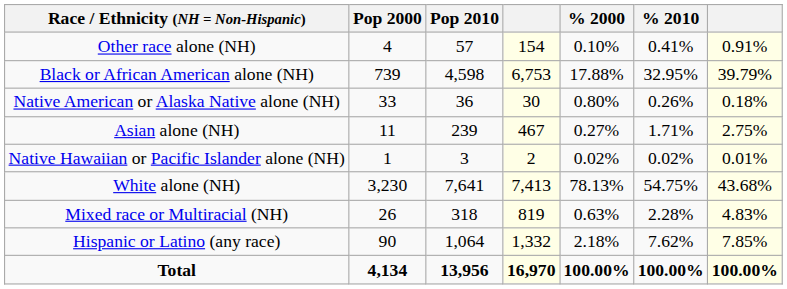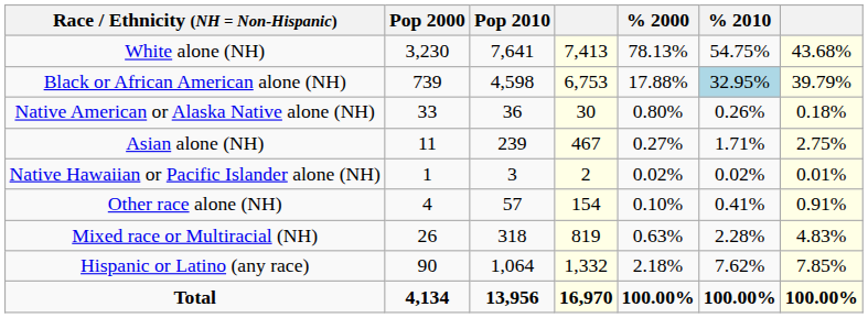 <table class="wikitable" style="text-align:center;">
 <tr>
 <th>Race / Ethnicity <small>(<em>NH = Non-Hispanic</em>)</small></th>
 <th>Pop 2000</th>
 <th>Pop 2010</th>
 <th></th>
 <th>% 2000</th>
 <th>% 2010</th>
 <th></th>
 </tr>
 <tr>
-<td><a href='#'>Other race</a> alone (NH)</td>
-<td>4</td>
-<td>57</td>
-<td style='background: #ffffe6;'>154</td>
-<td>0.10%</td>
-<td>0.41%</td>
-<td style='background: #ffffe6;'>0.91%</td>
+<td><a href='#'>White</a> alone (NH)</td>
+<td>3,230</td>
+<td>7,641</td>
+<td style='background: #ffffe6;'>7,413</td>
+<td>78.13%</td>
+<td>54.75%</td>
+<td style='background: #ffffe6;'>43.68%</td>
 </tr>
 <tr>
 <td><a href='#'>Black or African American</a> alone (NH)</td>
 <td>739</td>
 <td>4,598</td>
 <td style='background: #ffffe6;'>6,753</td>
 <td>17.88%</td>
-<td>32.95%</td>
+<td style="background: lightblue;">32.95%</td>
 <td style='background: #ffffe6;'>39.79%</td>
 </tr>
 <tr>
 <td><a href='#'>Native American</a> or <a href='#'>Alaska Native</a> alone (NH)</td>
 <td>33</td>
 <td>36</td>
 <td style='background: #ffffe6;'>30</td>
 <td>0.80%</td>
 <td>0.26%</td>
 <td style='background: #ffffe6;'>0.18%</td>
 </tr>
 <tr>
 <td><a href='#'>Asian</a> alone (NH)</td>
 <td>11</td>
 <td>239</td>
 <td style='background: #ffffe6;'>467</td>
 <td>0.27%</td>
 <td>1.71%</td>
 <td style='background: #ffffe6;'>2.75%</td>
 </tr>
 <tr>
 <td><a href='#'>Native Hawaiian</a> or <a href='#'>Pacific Islander</a> alone (NH)</td>
 <td>1</td>
 <td>3</td>
 <td style='background: #ffffe6;'>2</td>
 <td>0.02%</td>
 <td>0.02%</td>
 <td style='background: #ffffe6;'>0.01%</td>
 </tr>
 <tr>
-<td><a href='#'>White</a> alone (NH)</td>
-<td>3,230</td>
-<td>7,641</td>
-<td style='background: #ffffe6;'>7,413</td>
-<td>78.13%</td>
-<td>54.75%</td>
-<td style='background: #ffffe6;'>43.68%</td>
+<td><a href='#'>Other race</a> alone (NH)</td>
+<td>4</td>
+<td>57</td>
+<td style='background: #ffffe6;'>154</td>
+<td>0.10%</td>
+<td>0.41%</td>
+<td style='background: #ffffe6;'>0.91%</td>
 </tr>
 <tr>
 <td><a href='#'>Mixed race or Multiracial</a> (NH)</td>
 <td>26</td>
 <td>318</td>
 <td style='background: #ffffe6;'>819</td>
 <td>0.63%</td>
 <td>2.28%</td>
 <td style='background: #ffffe6;'>4.83%</td>
 </tr>
 <tr>
 <td><a href='#'>Hispanic or Latino</a> (any race)</td>
 <td>90</td>
 <td>1,064</td>
 <td style='background: #ffffe6;'>1,332</td>
 <td>2.18%</td>
 <td>7.62%</td>
 <td style='background: #ffffe6;'>7.85%</td>
 </tr>
 <tr>
 <td><strong>Total</strong></td>
 <td><strong>4,134</strong></td>
 <td><strong>13,956</strong></td>
 <td style='background: #ffffe6;'><strong>16,970</strong></td>
 <td><strong>100.00%</strong></td>
 <td><strong>100.00%</strong></td>
 <td style='background: #ffffe6;'><strong>100.00%</strong></td>
 </tr>
 </table>
